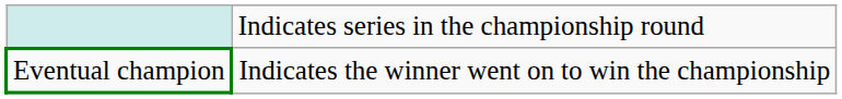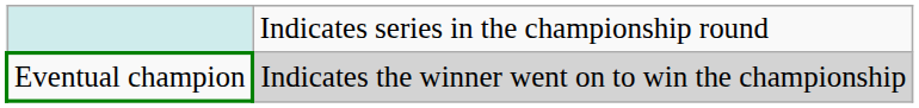 <table class="wikitable">
 <tr>
 <td style="background-color:#cfecec"></td>
 <td>Indicates series in the championship round</td>
 </tr>
 <tr>
 <td style="border-bottom:2px solid green; border-top:2px solid green; border-left:2px solid green; border-right:2px solid green">Eventual champion</td>
-<td>Indicates the winner went on to win the championship</td>
+<td style="background: lightgrey;">Indicates the winner went on to win the championship</td>
 </tr>
 </table>
